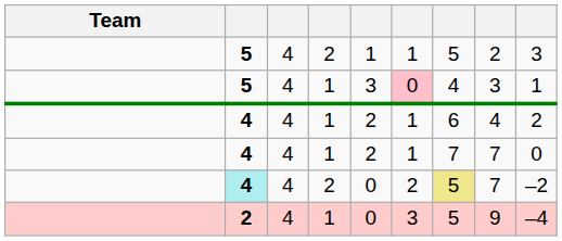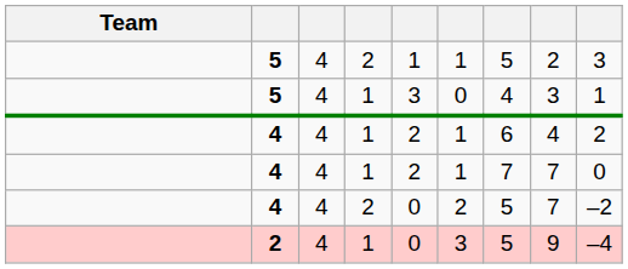 <table class="wikitable" style="text-align: center;">
 <tr>
 <th width=165>Team</th>
 <th width=25></th>
 <th width=25></th>
 <th width=25></th>
 <th width=25></th>
 <th width=25></th>
 <th width=25></th>
 <th width=25></th>
 <th width=25></th>
 </tr>
 <tr>
 <td style="text-align:left;"><strong></strong></td>
 <td><strong>5</strong></td>
 <td>4</td>
 <td>2</td>
 <td>1</td>
 <td>1</td>
 <td>5</td>
 <td>2</td>
 <td>3</td>
 </tr>
 <tr style="border-bottom:3px solid green;">
 <td style="text-align:left;"></td>
 <td><strong>5</strong></td>
 <td>4</td>
 <td>1</td>
 <td>3</td>
-<td style="background: pink;">0</td>
+<td>0</td>
 <td>4</td>
 <td>3</td>
 <td>1</td>
 </tr>
 <tr>
 <td style="text-align:left;"></td>
 <td><strong>4</strong></td>
 <td>4</td>
 <td>1</td>
 <td>2</td>
 <td>1</td>
 <td>6</td>
 <td>4</td>
 <td>2</td>
 </tr>
 <tr>
 <td style="text-align:left;"></td>
 <td><strong>4</strong></td>
 <td>4</td>
 <td>1</td>
 <td>2</td>
 <td>1</td>
 <td>7</td>
 <td>7</td>
 <td>0</td>
 </tr>
 <tr>
 <td style="text-align:left;"></td>
-<td style="background: paleturquoise;"><strong>4</strong></td>
+<td><strong>4</strong></td>
 <td>4</td>
 <td>2</td>
 <td>0</td>
 <td>2</td>
-<td style="background: khaki;">5</td>
+<td>5</td>
 <td>7</td>
 <td>–2</td>
 </tr>
 <tr style="background:#ffcccc;">
 <td style="text-align:left;"></td>
 <td><strong>2</strong></td>
 <td>4</td>
 <td>1</td>
 <td>0</td>
 <td>3</td>
 <td>5</td>
 <td>9</td>
 <td>–4</td>
 </tr>
 </table>
